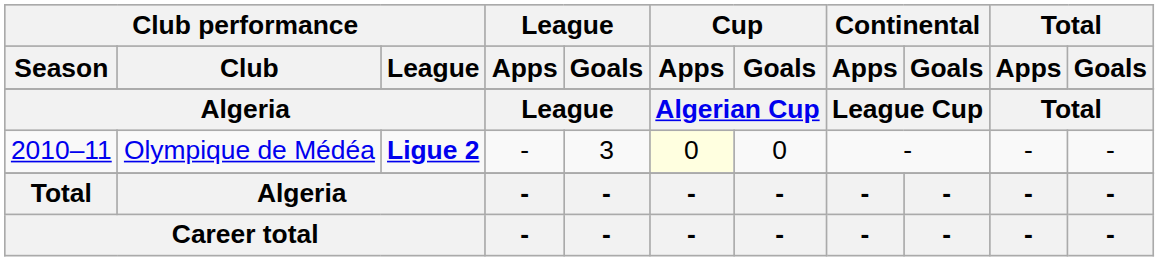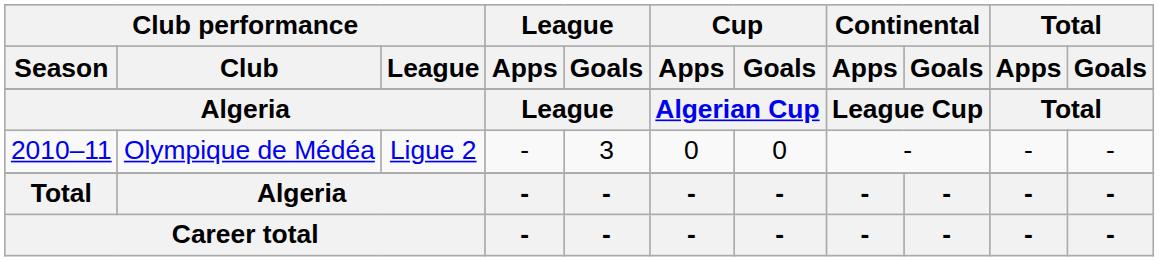 <table class="wikitable" style="text-align:center">
 <tr>
 <th colspan=3>Club performance</th>
 <th colspan=2>League</th>
 <th colspan=2>Cup</th>
 <th colspan=2>Continental</th>
 <th colspan=2>Total</th>
 </tr>
 <tr>
 <th>Season</th>
 <th>Club</th>
 <th>League</th>
 <th>Apps</th>
 <th>Goals</th>
 <th>Apps</th>
 <th>Goals</th>
 <th>Apps</th>
 <th>Goals</th>
 <th>Apps</th>
 <th>Goals</th>
 </tr>
 <tr>
 </tr>
 <tr>
 <th colspan=3>Algeria</th>
 <th colspan=2>League</th>
 <th colspan=2><a href='#'>Algerian Cup</a></th>
 <th colspan=2>League Cup</th>
 <th colspan=2>Total</th>
 </tr>
 <tr>
 <td><a href='#'>2010–11</a></td>
 <td rowspan="1"><a href='#'>Olympique de Médéa</a></td>
-<td rowspan="1"><strong><a href='#'>Ligue 2</a></strong></td>
+<td rowspan="1"><a href='#'>Ligue 2</a></td>
 <td>-</td>
 <td>3</td>
-<td style="background: lightyellow;">0</td>
+<td>0</td>
 <td>0</td>
 <td colspan="2">-</td>
 <td>-</td>
 <td>-</td>
 </tr>
 <tr>
 </tr>
 <tr>
 <th rowspan=1>Total</th>
 <th colspan=2>Algeria</th>
 <th>-</th>
 <th>-</th>
 <th>-</th>
 <th>-</th>
 <th>-</th>
 <th>-</th>
 <th>-</th>
 <th>-</th>
 </tr>
 <tr>
 <th colspan=3>Career total</th>
 <th>-</th>
 <th>-</th>
 <th>-</th>
 <th>-</th>
 <th>-</th>
 <th>-</th>
 <th>-</th>
 <th>-</th>
 </tr>
 </table>
